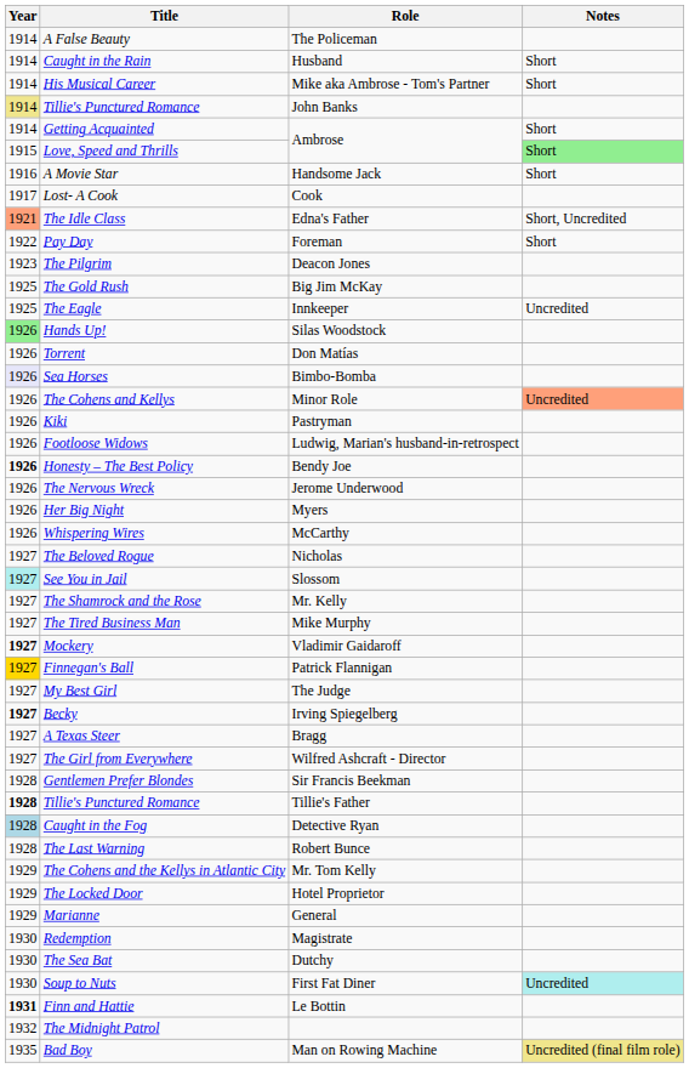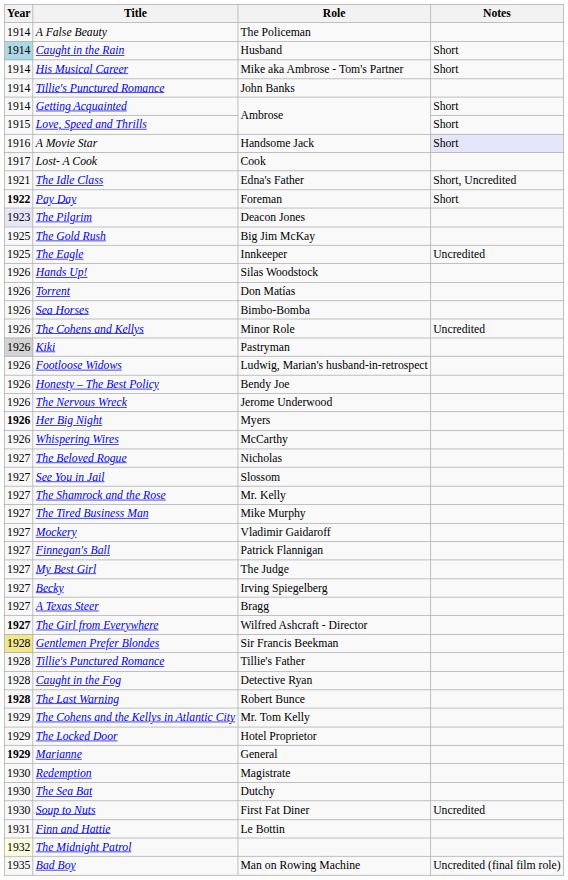 <table class="wikitable">
 <tr>
 <th>Year</th>
 <th>Title</th>
 <th>Role</th>
 <th>Notes</th>
 </tr>
 <tr>
 <td>1914</td>
 <td><em>A False Beauty</em></td>
 <td>The Policeman</td>
 <td></td>
 </tr>
 <tr>
-<td>1914</td>
+<td style="background: lightblue;">1914</td>
 <td><em><a href='#'>Caught in the Rain</a></em></td>
 <td>Husband</td>
 <td>Short</td>
 </tr>
 <tr>
 <td>1914</td>
 <td><em><a href='#'>His Musical Career</a></em></td>
 <td>Mike aka Ambrose - Tom's Partner</td>
 <td>Short</td>
 </tr>
 <tr>
-<td style="background: khaki;">1914</td>
+<td>1914</td>
 <td><em><a href='#'>Tillie's Punctured Romance</a></em></td>
 <td>John Banks</td>
 <td></td>
 </tr>
 <tr>
 <td>1914</td>
 <td><em><a href='#'>Getting Acquainted</a></em></td>
 <td rowspan="2">Ambrose</td>
 <td>Short</td>
 </tr>
 <tr>
 <td>1915</td>
 <td><em><a href='#'>Love, Speed and Thrills</a></em></td>
-<td style="background: lightgreen;">Short</td>
+<td>Short</td>
 </tr>
 <tr>
 <td>1916</td>
 <td><em>A Movie Star</em></td>
 <td>Handsome Jack</td>
-<td>Short</td>
+<td style="background: lavender;">Short</td>
 </tr>
 <tr>
 <td>1917</td>
 <td><em>Lost- A Cook</em></td>
 <td>Cook</td>
 <td></td>
 </tr>
 <tr>
-<td style="background: lightsalmon;">1921</td>
+<td>1921</td>
 <td><em><a href='#'>The Idle Class</a></em></td>
 <td>Edna's Father</td>
 <td>Short, Uncredited</td>
 </tr>
 <tr>
-<td>1922</td>
+<td><strong>1922</strong></td>
 <td><em><a href='#'>Pay Day</a></em></td>
 <td>Foreman</td>
 <td>Short</td>
 </tr>
 <tr>
-<td>1923</td>
+<td style="background: lavender;">1923</td>
 <td><em><a href='#'>The Pilgrim</a></em></td>
 <td>Deacon Jones</td>
 <td></td>
 </tr>
 <tr>
 <td>1925</td>
 <td><em><a href='#'>The Gold Rush</a></em></td>
 <td>Big Jim McKay</td>
 <td></td>
 </tr>
 <tr>
 <td>1925</td>
 <td><em><a href='#'>The Eagle</a></em></td>
 <td>Innkeeper</td>
 <td>Uncredited</td>
 </tr>
 <tr>
-<td style="background: lightgreen;">1926</td>
+<td>1926</td>
 <td><em><a href='#'>Hands Up!</a></em></td>
 <td>Silas Woodstock</td>
 <td></td>
 </tr>
 <tr>
 <td>1926</td>
 <td><em><a href='#'>Torrent</a></em></td>
 <td>Don Matías</td>
 <td></td>
 </tr>
 <tr>
-<td style="background: lavender;">1926</td>
+<td>1926</td>
 <td><em><a href='#'>Sea Horses</a></em></td>
 <td>Bimbo-Bomba</td>
 <td></td>
 </tr>
 <tr>
 <td>1926</td>
 <td><em><a href='#'>The Cohens and Kellys</a></em></td>
 <td>Minor Role</td>
-<td style="background: lightsalmon;">Uncredited</td>
+<td>Uncredited</td>
 </tr>
 <tr>
-<td>1926</td>
+<td style="background: lightgrey;">1926</td>
 <td><em><a href='#'>Kiki</a></em></td>
 <td>Pastryman</td>
 <td></td>
 </tr>
 <tr>
 <td>1926</td>
 <td><em><a href='#'>Footloose Widows</a></em></td>
 <td>Ludwig, Marian's husband-in-retrospect</td>
 <td></td>
 </tr>
 <tr>
-<td><strong>1926</strong></td>
+<td>1926</td>
 <td><em><a href='#'>Honesty – The Best Policy</a></em></td>
 <td>Bendy Joe</td>
 <td></td>
 </tr>
 <tr>
 <td>1926</td>
 <td><em><a href='#'>The Nervous Wreck</a></em></td>
 <td>Jerome Underwood</td>
 <td></td>
 </tr>
 <tr>
-<td>1926</td>
+<td><strong>1926</strong></td>
 <td><em><a href='#'>Her Big Night</a></em></td>
 <td>Myers</td>
 <td></td>
 </tr>
 <tr>
 <td>1926</td>
 <td><em><a href='#'>Whispering Wires</a></em></td>
 <td>McCarthy</td>
 <td></td>
 </tr>
 <tr>
 <td>1927</td>
 <td><em><a href='#'>The Beloved Rogue</a></em></td>
 <td>Nicholas</td>
 <td></td>
 </tr>
 <tr>
-<td style="background: paleturquoise;">1927</td>
+<td>1927</td>
 <td><em><a href='#'>See You in Jail</a></em></td>
 <td>Slossom</td>
 <td></td>
 </tr>
 <tr>
 <td>1927</td>
 <td><em><a href='#'>The Shamrock and the Rose</a></em></td>
 <td>Mr. Kelly</td>
 <td></td>
 </tr>
 <tr>
 <td>1927</td>
 <td><em><a href='#'>The Tired Business Man</a></em></td>
 <td>Mike Murphy</td>
 <td></td>
 </tr>
 <tr>
-<td><strong>1927</strong></td>
+<td>1927</td>
 <td><em><a href='#'>Mockery</a></em></td>
 <td>Vladimir Gaidaroff</td>
 <td></td>
 </tr>
 <tr>
-<td style="background: gold;">1927</td>
+<td>1927</td>
 <td><em><a href='#'>Finnegan's Ball</a></em></td>
 <td>Patrick Flannigan</td>
 <td></td>
 </tr>
 <tr>
 <td>1927</td>
 <td><em><a href='#'>My Best Girl</a></em></td>
 <td>The Judge</td>
 <td></td>
 </tr>
 <tr>
-<td><strong>1927</strong></td>
+<td>1927</td>
 <td><em><a href='#'>Becky</a></em></td>
 <td>Irving Spiegelberg</td>
 <td></td>
 </tr>
 <tr>
 <td>1927</td>
 <td><em><a href='#'>A Texas Steer</a></em></td>
 <td>Bragg</td>
 <td></td>
 </tr>
 <tr>
-<td>1927</td>
+<td><strong>1927</strong></td>
 <td><em><a href='#'>The Girl from Everywhere</a></em></td>
 <td>Wilfred Ashcraft - Director</td>
 <td></td>
 </tr>
 <tr>
-<td>1928</td>
+<td style="background: khaki;">1928</td>
 <td><em><a href='#'>Gentlemen Prefer Blondes</a></em></td>
 <td>Sir Francis Beekman</td>
 <td></td>
 </tr>
 <tr>
-<td><strong>1928</strong></td>
+<td>1928</td>
 <td><em><a href='#'>Tillie's Punctured Romance</a></em></td>
 <td>Tillie's Father</td>
 <td></td>
 </tr>
 <tr>
-<td style="background: lightblue;">1928</td>
+<td>1928</td>
 <td><em><a href='#'>Caught in the Fog</a></em></td>
 <td>Detective Ryan</td>
 <td></td>
 </tr>
 <tr>
-<td>1928</td>
+<td><strong>1928</strong></td>
 <td><em><a href='#'>The Last Warning</a></em></td>
 <td>Robert Bunce</td>
 <td></td>
 </tr>
 <tr>
 <td>1929</td>
 <td><em><a href='#'>The Cohens and the Kellys in Atlantic City</a></em></td>
 <td>Mr. Tom Kelly</td>
 <td></td>
 </tr>
 <tr>
 <td>1929</td>
 <td><em><a href='#'>The Locked Door</a></em></td>
 <td>Hotel Proprietor</td>
 <td></td>
 </tr>
 <tr>
-<td>1929</td>
+<td><strong>1929</strong></td>
 <td><em><a href='#'>Marianne</a></em></td>
 <td>General</td>
 <td></td>
 </tr>
 <tr>
 <td>1930</td>
 <td><em><a href='#'>Redemption</a></em></td>
 <td>Magistrate</td>
 <td></td>
 </tr>
 <tr>
 <td>1930</td>
 <td><em><a href='#'>The Sea Bat</a></em></td>
 <td>Dutchy</td>
 <td></td>
 </tr>
 <tr>
 <td>1930</td>
 <td><em><a href='#'>Soup to Nuts</a></em></td>
 <td>First Fat Diner</td>
-<td style="background: paleturquoise;">Uncredited</td>
+<td>Uncredited</td>
 </tr>
 <tr>
-<td><strong>1931</strong></td>
+<td>1931</td>
 <td><em><a href='#'>Finn and Hattie</a></em></td>
 <td>Le Bottin</td>
 <td></td>
 </tr>
 <tr>
-<td>1932</td>
+<td style="background: lightyellow;">1932</td>
 <td><em><a href='#'>The Midnight Patrol</a></em></td>
 <td></td>
 <td></td>
 </tr>
 <tr>
 <td>1935</td>
 <td><em><a href='#'>Bad Boy</a></em></td>
 <td>Man on Rowing Machine</td>
-<td style="background: khaki;">Uncredited (final film role)</td>
+<td>Uncredited (final film role)</td>
 </tr>
 </table>
